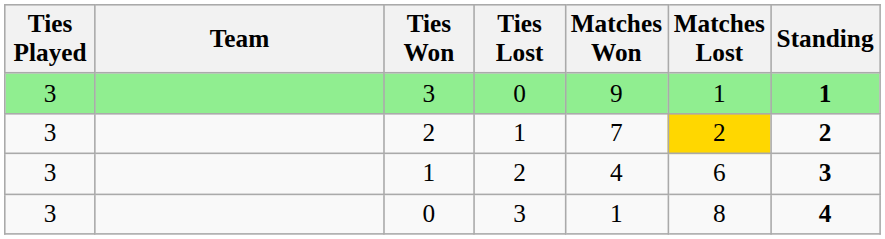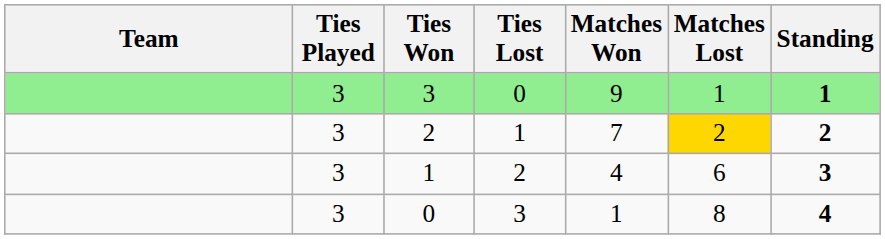 <table class=wikitable style="text-align:center">
 <tr>
+<th width=175>Team</th>
 <th width=50>Ties Played</th>
-<th width=175>Team</th>
 <th width=50>Ties Won</th>
 <th width=50>Ties Lost</th>
 <th width=50>Matches Won</th>
 <th width=50>Matches Lost</th>
 <th width=50>Standing</th>
 </tr>
 <tr bgcolor=lightgreen>
+<td style="text-align:left"></td>
 <td>3</td>
-<td style="text-align:left"></td>
 <td>3</td>
 <td>0</td>
 <td>9</td>
 <td>1</td>
 <td><strong>1</strong></td>
 </tr>
 <tr>
+<td style="text-align:left"></td>
 <td>3</td>
-<td style="text-align:left"></td>
 <td>2</td>
 <td>1</td>
 <td>7</td>
 <td style="background: gold;">2</td>
 <td><strong>2</strong></td>
 </tr>
 <tr>
+<td style="text-align:left"></td>
 <td>3</td>
-<td style="text-align:left"></td>
 <td>1</td>
 <td>2</td>
 <td>4</td>
 <td>6</td>
 <td><strong>3</strong></td>
 </tr>
 <tr>
+<td style="text-align:left"></td>
 <td>3</td>
-<td style="text-align:left"></td>
 <td>0</td>
 <td>3</td>
 <td>1</td>
 <td>8</td>
 <td><strong>4</strong></td>
 </tr>
 </table>
